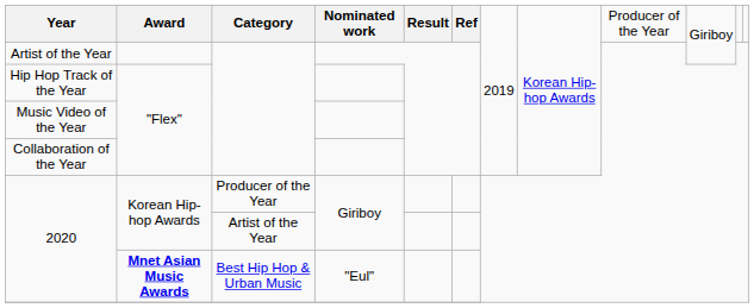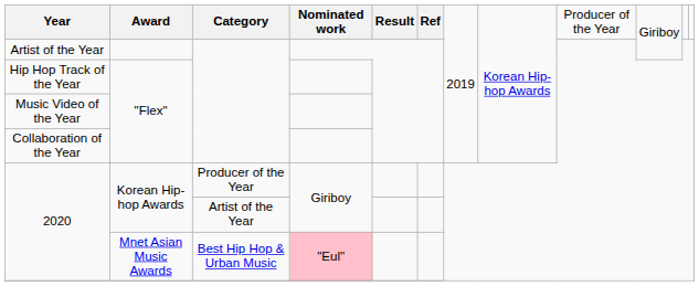 <table class="wikitable plainrowheaders" style="text-align:center;">
 <tr>
 <th>Year</th>
 <th>Award</th>
 <th>Category</th>
 <th>Nominated work</th>
 <th>Result</th>
 <th>Ref</th>
 <td rowspan="5">2019</td>
 <td rowspan="5"><a href='#'>Korean Hip-hop Awards</a></td>
 <td>Producer of the Year</td>
 <td rowspan="2">Giriboy</td>
 <td></td>
 <td></td>
 </tr>
 <tr>
 <td>Artist of the Year</td>
 <td></td>
 <td rowspan="4"></td>
 </tr>
 <tr>
 <td>Hip Hop Track of the Year</td>
 <td rowspan="3">"Flex"<br></td>
 <td></td>
 </tr>
 <tr>
 <td>Music Video of the Year</td>
 <td></td>
 </tr>
 <tr>
 <td>Collaboration of the Year</td>
 <td></td>
 </tr>
 <tr>
 <td rowspan="3">2020</td>
 <td rowspan="2">Korean Hip-hop Awards</td>
 <td>Producer of the Year</td>
 <td rowspan="2">Giriboy</td>
 <td></td>
 <td></td>
 </tr>
 <tr>
 <td>Artist of the Year</td>
 <td></td>
 <td></td>
 </tr>
 <tr>
-<td><strong><a href='#'>Mnet Asian Music Awards</a></strong></td>
+<td><a href='#'>Mnet Asian Music Awards</a></td>
 <td><a href='#'>Best Hip Hop & Urban Music</a></td>
-<td>"Eul"<br></td>
+<td style="background: pink;">"Eul"<br></td>
 <td></td>
 <td></td>
 </tr>
 <tr>
 </tr>
 </table>
